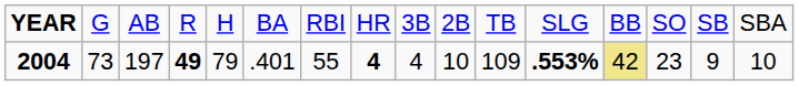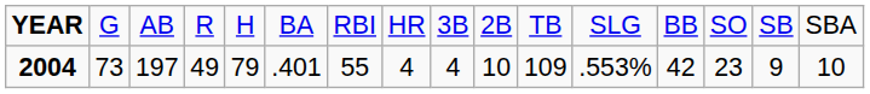 <table class="wikitable">
 <tr align=center>
 <td><strong>YEAR</strong></td>
 <td><a href='#'>G</a></td>
 <td><a href='#'>AB</a></td>
 <td><a href='#'>R</a></td>
 <td><a href='#'>H</a></td>
 <td><a href='#'>BA</a></td>
 <td><a href='#'>RBI</a></td>
 <td><a href='#'>HR</a></td>
 <td><a href='#'>3B</a></td>
 <td><a href='#'>2B</a></td>
 <td><a href='#'>TB</a></td>
 <td><a href='#'>SLG</a></td>
 <td><a href='#'>BB</a></td>
 <td><a href='#'>SO</a></td>
 <td><a href='#'>SB</a></td>
 <td>SBA</td>
 </tr>
 <tr align=center>
 <td><strong>2004</strong></td>
 <td>73</td>
 <td>197</td>
-<td><strong>49</strong></td>
+<td>49</td>
 <td>79</td>
 <td>.401</td>
 <td>55</td>
-<td><strong>4</strong></td>
+<td>4</td>
 <td>4</td>
 <td>10</td>
 <td>109</td>
-<td><strong>.553%</strong></td>
-<td style="background: khaki;">42</td>
+<td>.553%</td>
+<td>42</td>
 <td>23</td>
 <td>9</td>
 <td>10</td>
 </tr>
 </table>
